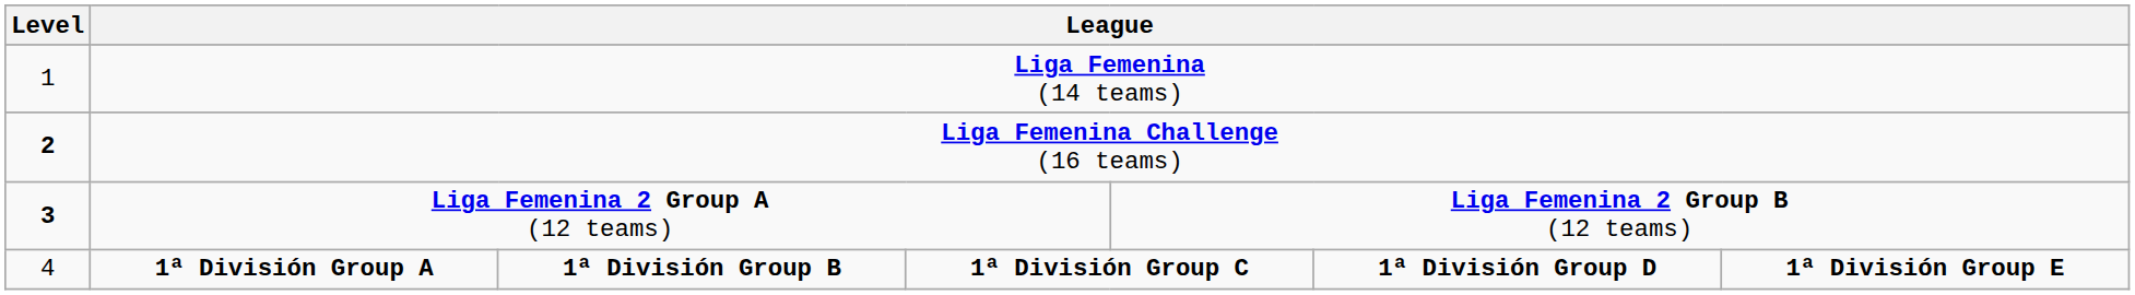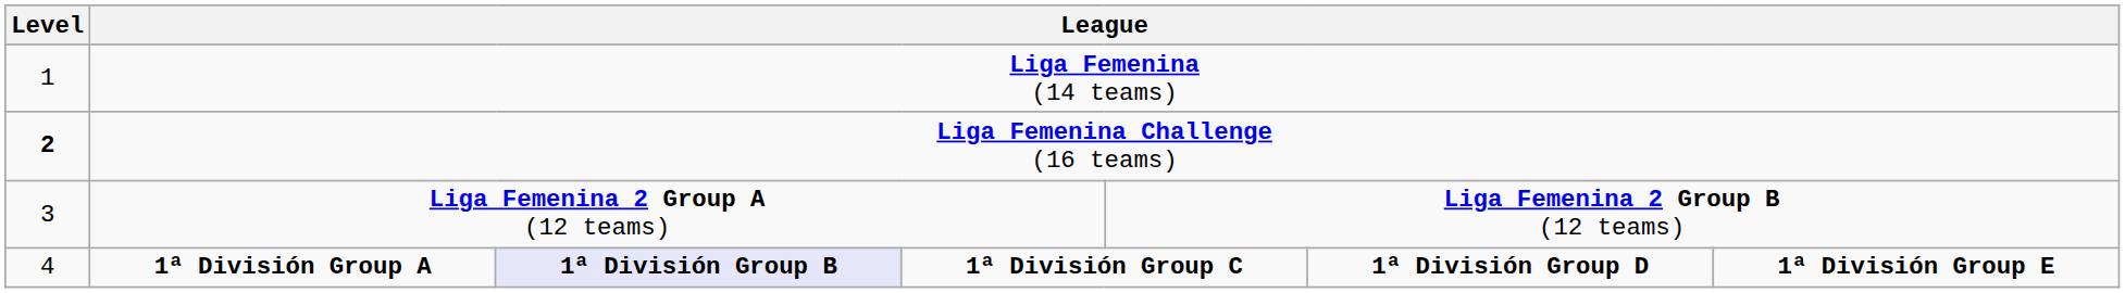 <table class="wikitable" style="text-align: center;">
 <tr south>
 <th colspan="1" width="4%">Level</th>
 <th colspan="6" width="96%">League</th>
 </tr>
 <tr>
 <td colspan="1" width="4%">1</td>
 <td colspan="6" width="96%"><strong><a href='#'>Liga Femenina</a></strong><br>(14 teams)</td>
 </tr>
 <tr>
 <td><strong>2</strong></td>
 <td colspan="6"><strong><a href='#'>Liga Femenina Challenge</a></strong><br>(16 teams)</td>
 </tr>
 <tr>
-<td colspan="1" width="4%"><strong>3</strong></td>
+<td colspan="1" width="4%">3</td>
 <td colspan="3" width="48%"><strong><a href='#'>Liga Femenina 2</a> Group A</strong><br>(12 teams)</td>
 <td colspan="3" width="48%"><strong><a href='#'>Liga Femenina 2</a> Group B</strong><br>(12 teams)</td>
 </tr>
 <tr>
 <td colspan="1" width="4%">4</td>
 <td width="19.2%"><strong>1ª División Group A</strong><br>   </td>
-<td width="19.2%"><strong>1ª División Group B</strong><br>   </td>
+<td width="19.2%" style="background: lavender;"><strong>1ª División Group B</strong><br>   </td>
 <td colspan="2" width="19.2%"><strong>1ª División Group C</strong><br> </td>
 <td width="19.2%"><strong>1ª División Group D</strong><br>   </td>
 <td width="19.2%"><strong>1ª División Group E</strong><br>    </td>
 </tr>
 </table>
